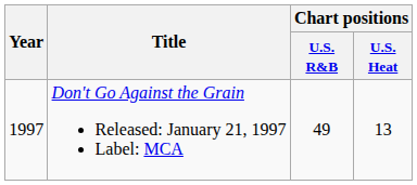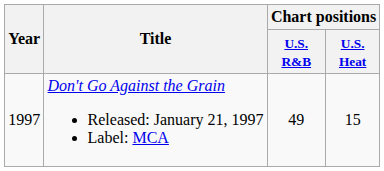 <table class="wikitable">
 <tr>
 <th rowspan="2">Year</th>
 <th rowspan="2">Title</th>
 <th colspan="2">Chart positions</th>
 </tr>
 <tr>
 <th><small><a href='#'>U.S.<br>R&B</a></small></th>
 <th><small><a href='#'>U.S.<br>Heat</a></small></th>
 </tr>
 <tr>
 <td>1997</td>
 <td><em><a href='#'>Don't Go Against the Grain</a></em><br><ul><li>Released: January 21, 1997</li><li>Label: <a href='#'>MCA</a></li></ul></td>
 <td align="center">49</td>
-<td align="center">13</td>
+<td align="center">15</td>
 </tr>
 </table>
